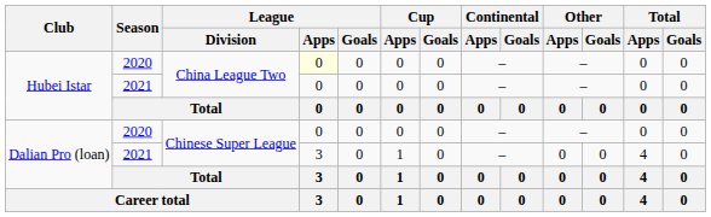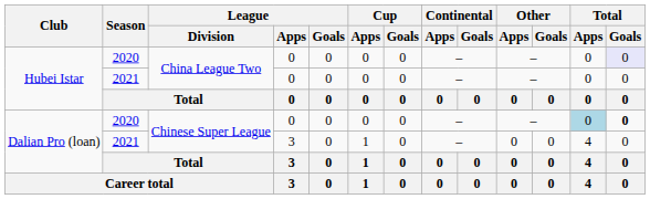 <table class="wikitable" style="text-align: center">
 <tr>
 <th rowspan="2">Club</th>
 <th rowspan="2">Season</th>
 <th colspan="3">League</th>
 <th colspan="2">Cup</th>
 <th colspan="2">Continental</th>
 <th colspan="2">Other</th>
 <th colspan="2">Total</th>
 </tr>
 <tr>
 <th>Division</th>
 <th>Apps</th>
 <th>Goals</th>
 <th>Apps</th>
 <th>Goals</th>
 <th>Apps</th>
 <th>Goals</th>
 <th>Apps</th>
 <th>Goals</th>
 <th>Apps</th>
 <th>Goals</th>
 </tr>
 <tr>
 <td rowspan="3"><a href='#'>Hubei Istar</a></td>
 <td><a href='#'>2020</a></td>
 <td rowspan="2"><a href='#'>China League Two</a></td>
-<td style="background: lightyellow;">0</td>
+<td>0</td>
 <td>0</td>
 <td>0</td>
 <td>0</td>
 <td colspan="2">–</td>
 <td colspan="2">–</td>
 <td>0</td>
-<td>0</td>
+<td style="background: lavender;">0</td>
 </tr>
 <tr>
 <td><a href='#'>2021</a></td>
 <td>0</td>
 <td>0</td>
 <td>0</td>
 <td>0</td>
 <td colspan="2">–</td>
 <td colspan="2">–</td>
 <td>0</td>
 <td>0</td>
 </tr>
 <tr>
 <th colspan=2>Total</th>
 <th>0</th>
 <th>0</th>
 <th>0</th>
 <th>0</th>
 <th>0</th>
 <th>0</th>
 <th>0</th>
 <th>0</th>
 <th>0</th>
 <th>0</th>
 </tr>
 <tr>
 <td rowspan="3"><a href='#'>Dalian Pro</a> (loan)</td>
 <td><a href='#'>2020</a></td>
 <td rowspan="2"><a href='#'>Chinese Super League</a></td>
 <td>0</td>
 <td>0</td>
 <td>0</td>
 <td>0</td>
 <td colspan="2">–</td>
 <td colspan="2">–</td>
-<td>0</td>
-<td>0</td>
+<td style="background: lightblue;">0</td>
+<td><strong>0</strong></td>
 </tr>
 <tr>
 <td><a href='#'>2021</a></td>
 <td>3</td>
 <td>0</td>
 <td>1</td>
 <td>0</td>
 <td colspan="2">–</td>
 <td>0</td>
 <td>0</td>
 <td>4</td>
 <td>0</td>
 </tr>
 <tr>
 <th colspan=2>Total</th>
 <th>3</th>
 <th>0</th>
 <th>1</th>
 <th>0</th>
 <th>0</th>
 <th>0</th>
 <th>0</th>
 <th>0</th>
 <th>4</th>
 <th>0</th>
 </tr>
 <tr>
 <th colspan=3>Career total</th>
 <th>3</th>
 <th>0</th>
 <th>1</th>
 <th>0</th>
 <th>0</th>
 <th>0</th>
 <th>0</th>
 <th>0</th>
 <th>4</th>
 <th>0</th>
 </tr>
 </table>
